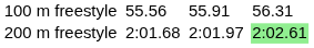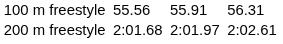 <table>
 <tr>
 <td>100 m freestyle</td>
 <td></td>
 <td>55.56</td>
 <td></td>
 <td>55.91</td>
 <td></td>
 <td>56.31</td>
 </tr>
 <tr>
 <td>200 m freestyle</td>
 <td></td>
 <td>2:01.68</td>
 <td></td>
 <td>2:01.97</td>
 <td></td>
-<td style="background: lightgreen;">2:02.61</td>
+<td>2:02.61</td>
 </tr>
 </table>
